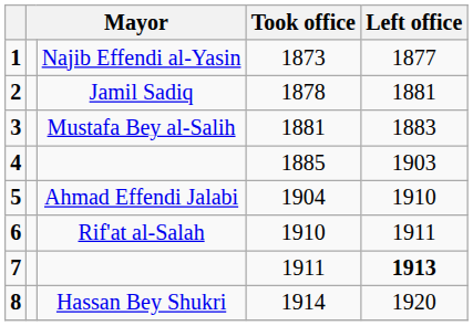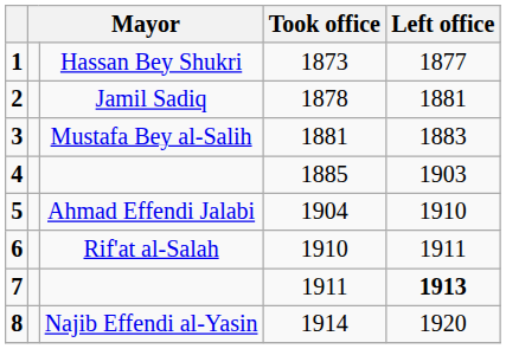 <table class="wikitable" style="text-align: center;">
 <tr>
 <th><br></th>
 <th colspan="2">Mayor</th>
 <th>Took office</th>
 <th>Left office</th>
 </tr>
 <tr>
 <td rowspan="1" style="background: "><strong>1</strong></td>
 <td rowspan="1"></td>
-<td rowspan="1"><a href='#'>Najib Effendi al-Yasin</a></td>
+<td rowspan="1"><a href='#'>Hassan Bey Shukri</a></td>
 <td rowspan="1">1873</td>
 <td rowspan="1">1877</td>
 </tr>
 <tr>
 <td rowspan="1" style="background: "><strong>2</strong></td>
 <td rowspan="1"></td>
 <td rowspan="1"><a href='#'>Jamil Sadiq</a></td>
 <td rowspan="1">1878</td>
 <td rowspan="1">1881</td>
 </tr>
 <tr>
 <td rowspan="1" style="background: "><strong>3</strong></td>
 <td rowspan="1"></td>
 <td rowspan="1"><a href='#'>Mustafa Bey al-Salih</a></td>
 <td rowspan="1">1881</td>
 <td rowspan="1">1883</td>
 </tr>
 <tr>
 <td rowspan="1" style="background: "><strong>4</strong></td>
 <td rowspan="1"></td>
 <td rowspan="1"></td>
 <td rowspan="1">1885</td>
 <td rowspan="1">1903</td>
 </tr>
 <tr>
 <td rowspan="1" style="background: "><strong>5</strong></td>
 <td rowspan="1"></td>
 <td rowspan="1"><a href='#'>Ahmad Effendi Jalabi</a></td>
 <td rowspan="1">1904</td>
 <td rowspan="1">1910</td>
 </tr>
 <tr>
 <td rowspan="1" style="background: "><strong>6</strong></td>
 <td rowspan="1"></td>
 <td rowspan="1"><a href='#'>Rif'at al-Salah</a></td>
 <td rowspan="1">1910</td>
 <td rowspan="1">1911</td>
 </tr>
 <tr>
 <td rowspan="1" style="background: "><strong>7</strong></td>
 <td rowspan="1"></td>
 <td rowspan="1"></td>
 <td rowspan="1">1911</td>
 <td rowspan="1"><strong>1913</strong></td>
 </tr>
 <tr>
 <td rowspan="1" style="background: "><strong>8</strong></td>
 <td rowspan="1"></td>
-<td rowspan="1"><a href='#'>Hassan Bey Shukri</a></td>
+<td rowspan="1"><a href='#'>Najib Effendi al-Yasin</a></td>
 <td rowspan="1">1914</td>
 <td rowspan="1">1920</td>
 </tr>
 <tr>
 </tr>
 </table>
